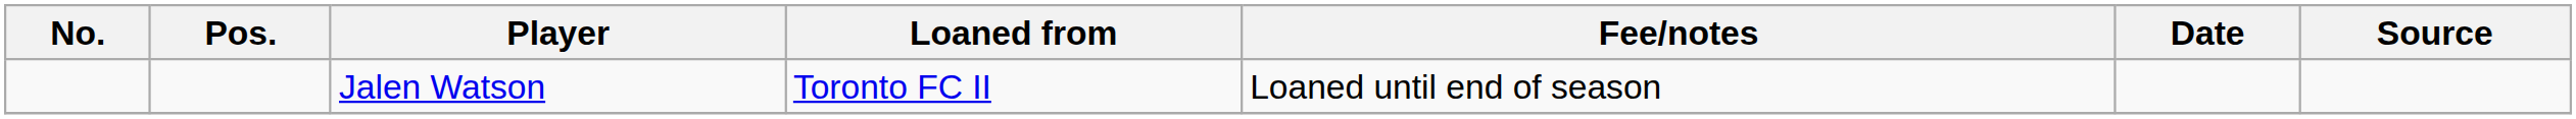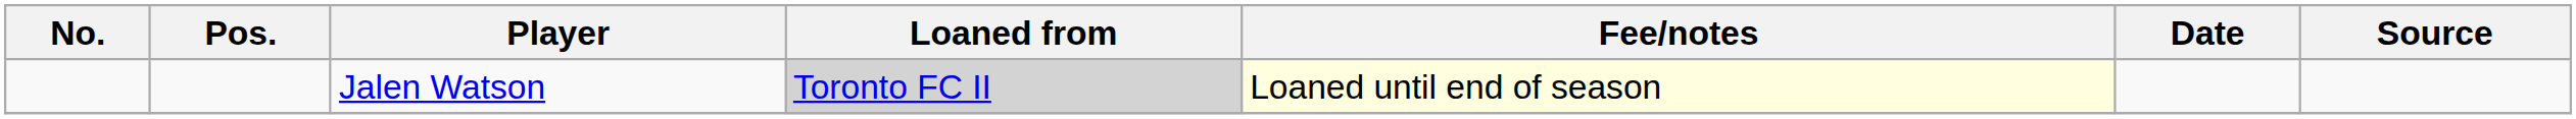 <table class="wikitable sortable" style="width:90%; text-align:center; font-size:95%; text-align:left;">
 <tr>
 <th>No.</th>
 <th>Pos.</th>
 <th>Player</th>
 <th>Loaned from</th>
 <th>Fee/notes</th>
 <th>Date</th>
 <th>Source</th>
 </tr>
 <tr>
 <td align=center></td>
 <td align=center></td>
 <td align=Watson, Jalen> <a href='#'>Jalen Watson</a></td>
-<td> <a href='#'>Toronto FC II</a></td>
-<td>Loaned until end of season</td>
+<td style="background: lightgrey;"> <a href='#'>Toronto FC II</a></td>
+<td style="background: lightyellow;">Loaned until end of season</td>
 <td></td>
 <td></td>
 </tr>
 <tr>
 </tr>
 </table>
